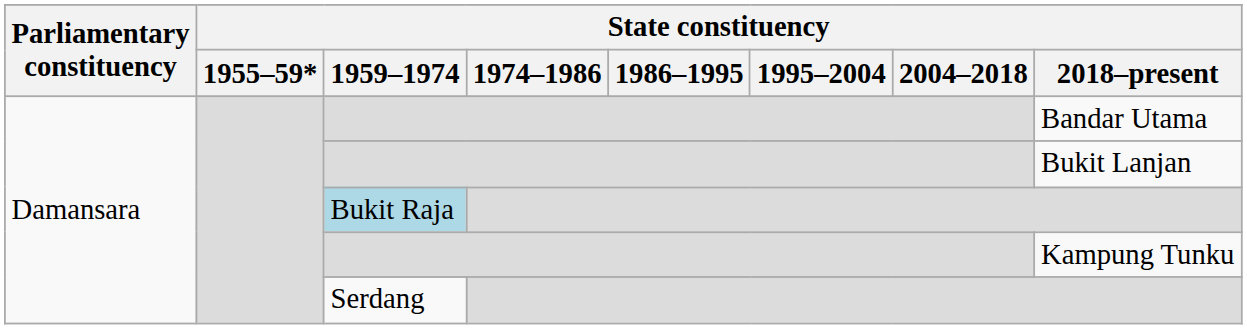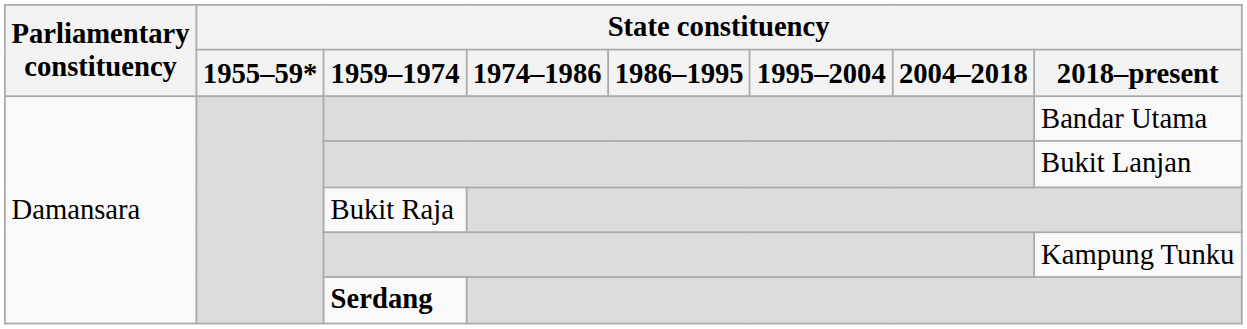 <table class="wikitable">
 <tr>
 <th rowspan="2">Parliamentary<br>constituency</th>
 <th colspan="7">State constituency</th>
 </tr>
 <tr>
 <th>1955–59*</th>
 <th>1959–1974</th>
 <th>1974–1986</th>
 <th>1986–1995</th>
 <th>1995–2004</th>
 <th>2004–2018</th>
 <th>2018–present</th>
 </tr>
 <tr>
 <td rowspan="5">Damansara</td>
 <td rowspan="5" bgcolor="dcdcdc"></td>
 <td colspan="5" bgcolor="dcdcdc"></td>
 <td>Bandar Utama</td>
 </tr>
 <tr>
 <td colspan="5" bgcolor="dcdcdc"></td>
 <td>Bukit Lanjan</td>
 </tr>
 <tr>
-<td style="background: lightblue;">Bukit Raja</td>
+<td>Bukit Raja</td>
 <td colspan="5" bgcolor="dcdcdc"></td>
 </tr>
 <tr>
 <td colspan="5" bgcolor="dcdcdc"></td>
 <td>Kampung Tunku</td>
 </tr>
 <tr>
-<td>Serdang</td>
+<td><strong>Serdang</strong></td>
 <td colspan="5" bgcolor="dcdcdc"></td>
 </tr>
 </table>
